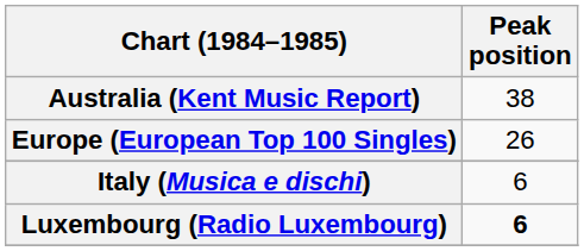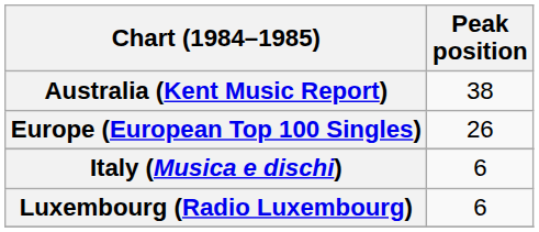 <table class="wikitable sortable plainrowheaders" style="text-align:center">
 <tr>
 <th scope="col">Chart (1984–1985)</th>
 <th scope="col">Peak<br>position</th>
 </tr>
 <tr>
 <th scope="row">Australia (<a href='#'>Kent Music Report</a>)</th>
 <td>38</td>
 </tr>
 <tr>
 <th scope="row">Europe (<a href='#'>European Top 100 Singles</a>)</th>
 <td>26</td>
 </tr>
 <tr>
 </tr>
 <tr>
 <th scope="row">Italy (<em><a href='#'>Musica e dischi</a></em>)</th>
 <td>6</td>
 </tr>
 <tr>
 <th scope="row">Luxembourg (<a href='#'>Radio Luxembourg</a>)</th>
-<td align="center"><strong>6</strong></td>
+<td align="center">6</td>
 </tr>
 <tr>
 </tr>
 <tr>
 </tr>
 <tr>
 </tr>
 <tr>
 </tr>
 </table>
